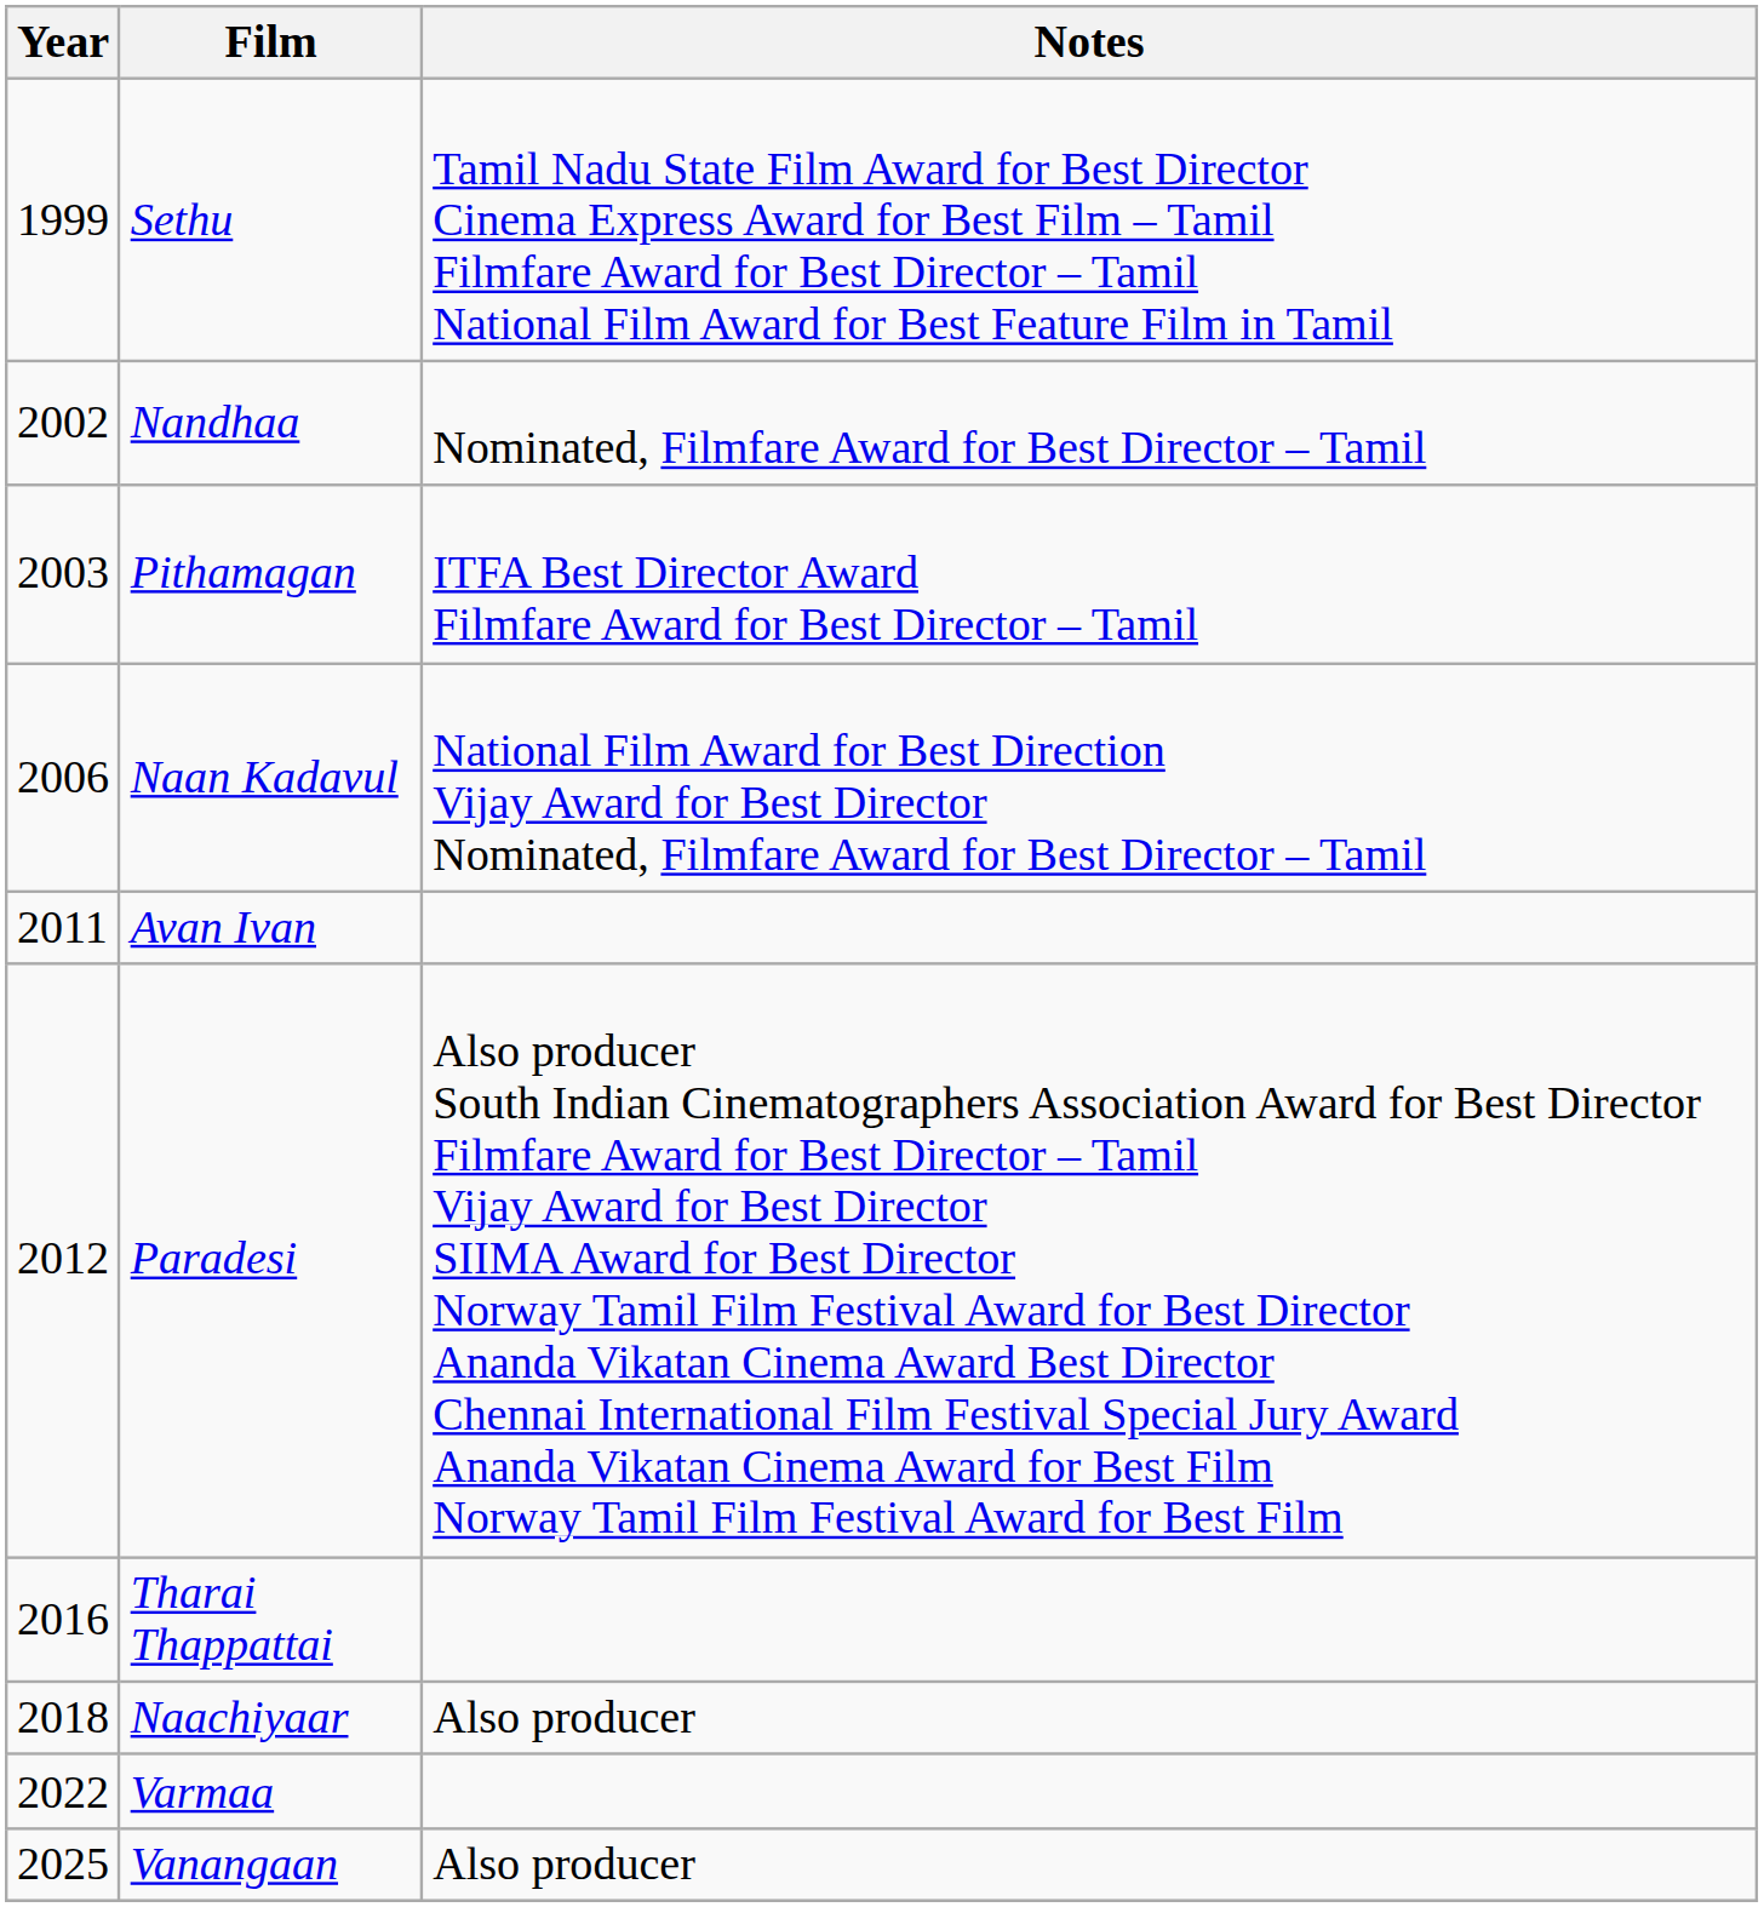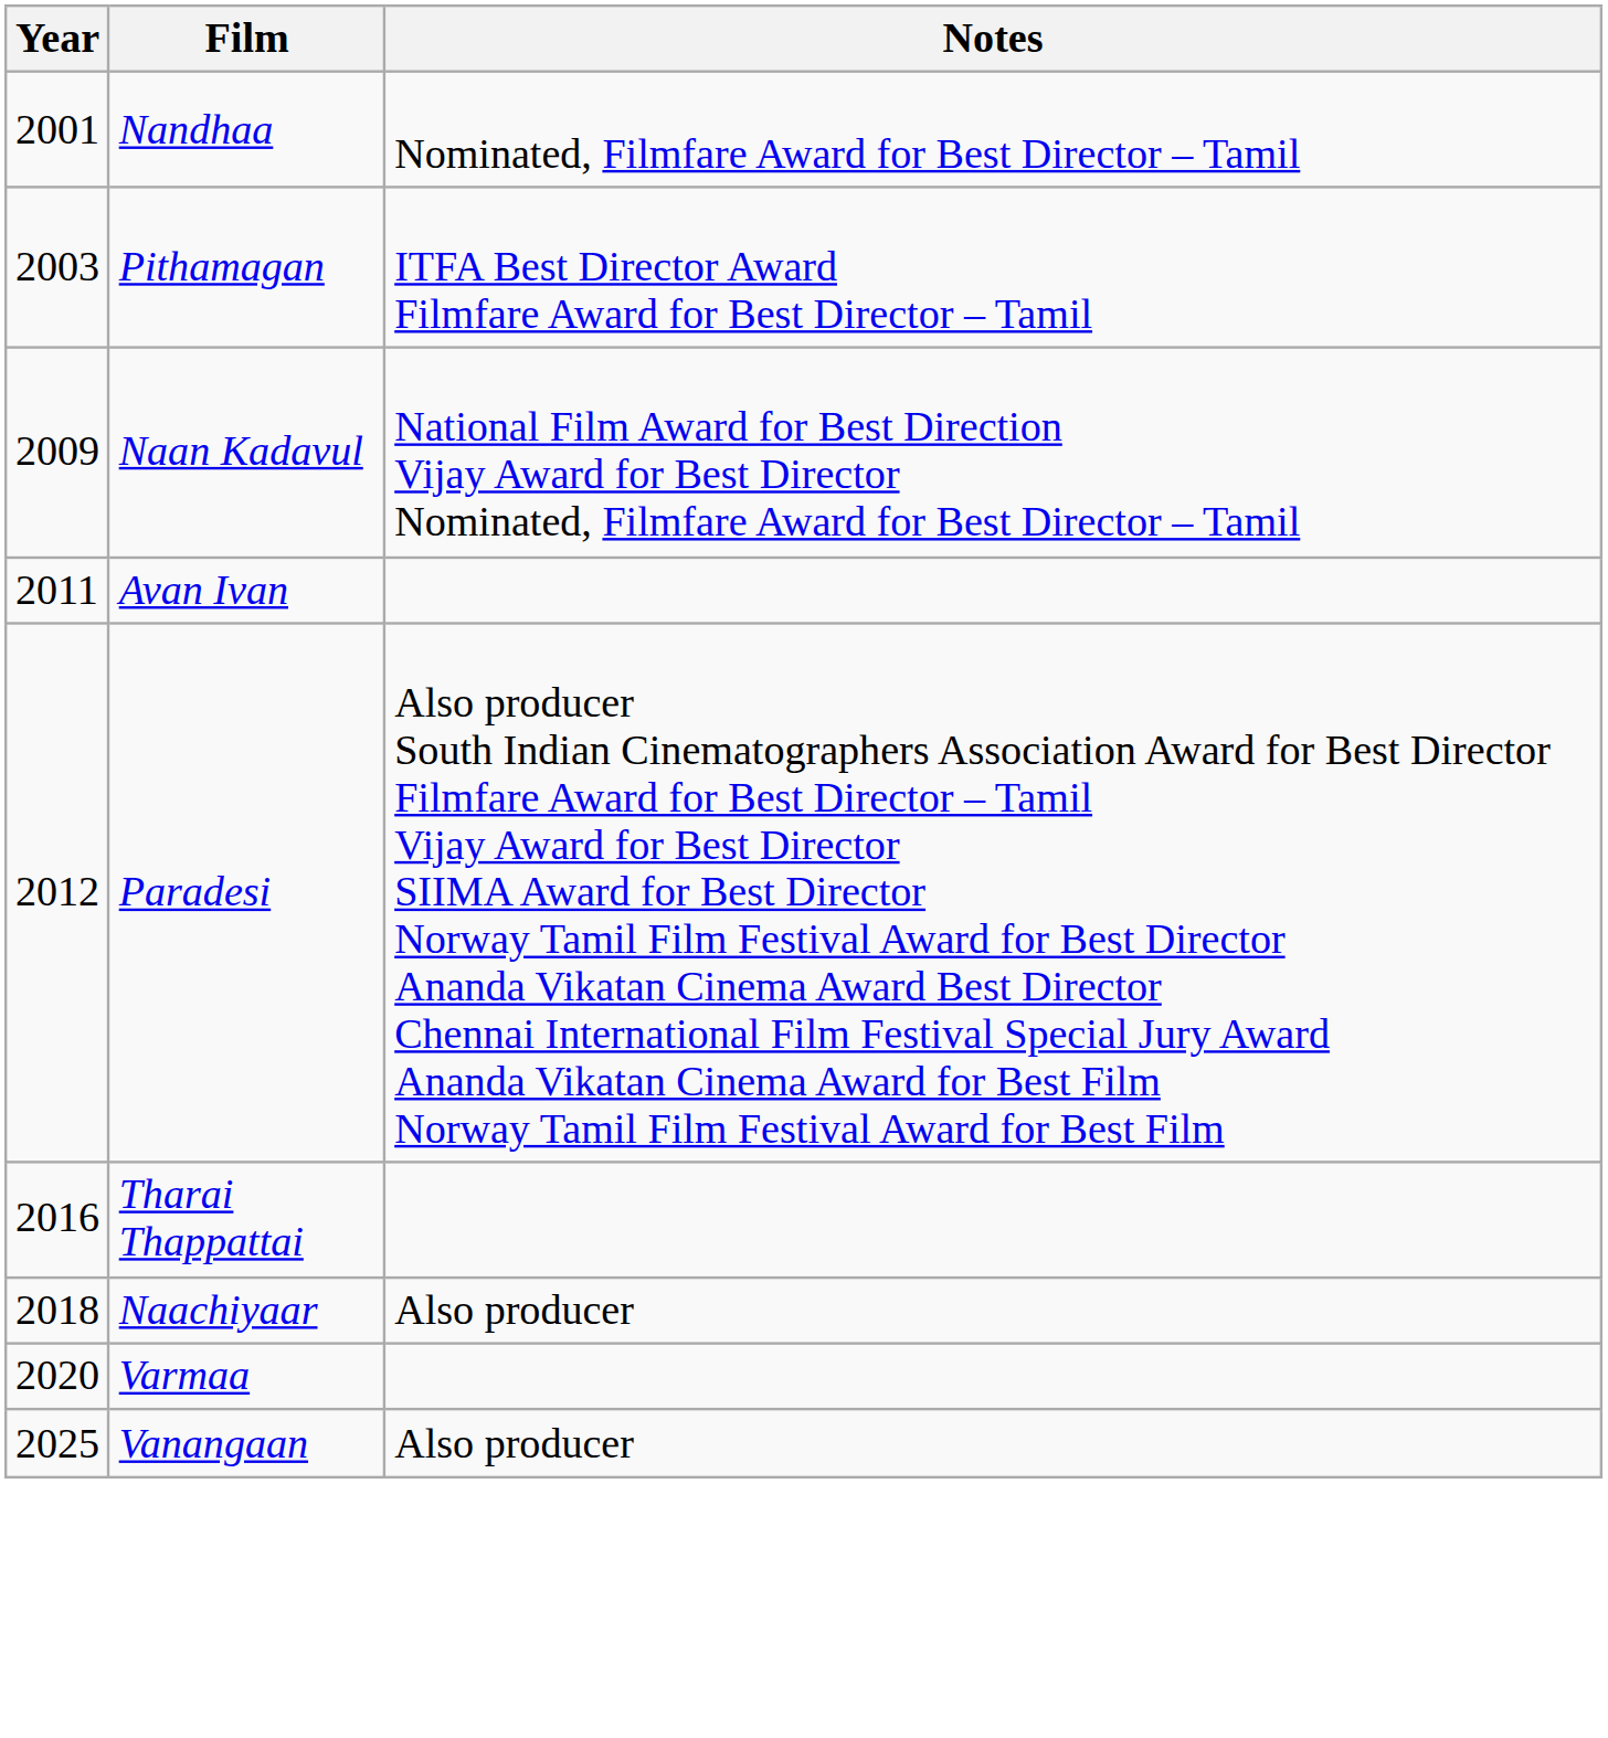 <table class="wikitable sortable">
 <tr>
 <th rowspan="2" style="width:20px;">Year</th>
 <th rowspan="2" style="width:100px;">Film</th>
 <th rowspan="2"  style="text-align:center; width:500px;" class="unsortable">Notes</th>
 </tr>
 <tr>
 </tr>
 <tr>
-<td>1999</td>
-<td><em><a href='#'>Sethu</a></em></td>
-<td><br><a href='#'>Tamil Nadu State Film Award for Best Director</a><br><a href='#'>Cinema Express Award for Best Film – Tamil</a><br> <a href='#'>Filmfare Award for Best Director&nbsp;– Tamil</a><br><a href='#'>National Film Award for Best Feature Film in Tamil</a></td>
-</tr>
-<tr>
-<td>2002</td>
+<td>2001</td>
 <td><em><a href='#'>Nandhaa</a></em></td>
 <td><br>Nominated, <a href='#'>Filmfare Award for Best Director – Tamil</a></td>
 </tr>
 <tr>
 <td>2003</td>
 <td><em><a href='#'>Pithamagan</a></em></td>
 <td><br><a href='#'>ITFA Best Director Award</a><br> <a href='#'>Filmfare Award for Best Director – Tamil</a></td>
 </tr>
 <tr>
-<td>2006</td>
+<td>2009</td>
 <td><em><a href='#'>Naan Kadavul</a></em></td>
 <td><br><a href='#'>National Film Award for Best Direction</a><br> <a href='#'>Vijay Award for Best Director</a> <br> Nominated, <a href='#'>Filmfare Award for Best Director – Tamil</a></td>
 </tr>
 <tr>
 <td>2011</td>
 <td><em><a href='#'>Avan Ivan</a></em></td>
 <td></td>
 </tr>
 <tr>
 <td>2012</td>
 <td><em><a href='#'>Paradesi</a></em></td>
 <td><br>Also producer<br>South Indian Cinematographers Association Award for Best Director<br> <a href='#'>Filmfare Award for Best Director – Tamil</a> <br> <a href='#'>Vijay Award for Best Director</a> <br> <a href='#'>SIIMA Award for Best Director</a><br> <a href='#'>Norway Tamil Film Festival Award for Best Director</a><br> <a href='#'>Ananda Vikatan Cinema Award Best Director</a><br> <a href='#'>Chennai International Film Festival Special Jury Award</a><br> <a href='#'>Ananda Vikatan Cinema Award for Best Film</a><br> <a href='#'>Norway Tamil Film Festival Award for Best Film</a><br></td>
 </tr>
 <tr>
 <td>2016</td>
 <td><em><a href='#'>Tharai Thappattai</a></em></td>
 <td></td>
 </tr>
 <tr>
 <td>2018</td>
 <td><em><a href='#'>Naachiyaar</a></em></td>
 <td>Also producer</td>
 </tr>
 <tr>
-<td>2022</td>
+<td>2020</td>
 <td><em><a href='#'>Varmaa</a></em></td>
 <td></td>
 </tr>
 <tr>
 <td>2025</td>
 <td><em><a href='#'>Vanangaan</a></em></td>
 <td>Also producer</td>
 </tr>
 <tr>
 </tr>
 </table>
